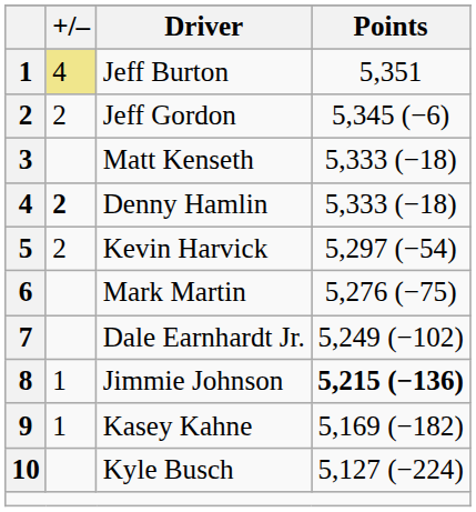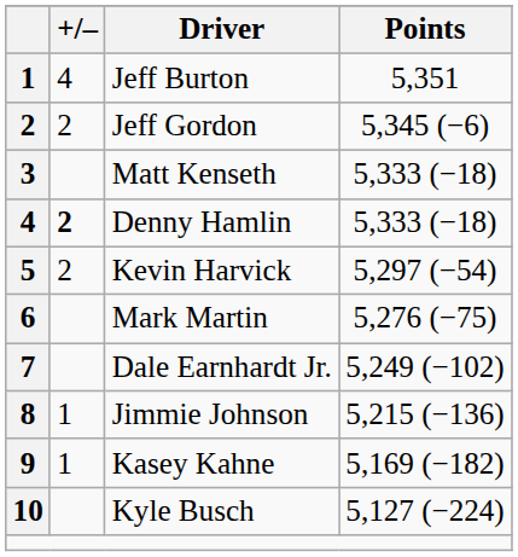 <table class="wikitable">
 <tr>
 </tr>
 <tr>
 <th scope="col"></th>
 <th scope="col">+/–</th>
 <th scope="col">Driver</th>
 <th scope="col">Points</th>
 </tr>
 <tr>
 <th scope="row">1</th>
-<td align="left" style="background: khaki;"> 4</td>
+<td align="left"> 4</td>
 <td>Jeff Burton</td>
 <td style="text-align:center;">5,351</td>
 </tr>
 <tr>
 <th scope="row">2</th>
 <td align="left"> 2</td>
 <td>Jeff Gordon</td>
 <td style="text-align:center;">5,345 (−6)</td>
 </tr>
 <tr>
 <th scope="row">3</th>
 <td align="left"></td>
 <td>Matt Kenseth</td>
 <td style="text-align:center;">5,333 (−18)</td>
 </tr>
 <tr>
 <th scope="row">4</th>
 <td align="left"><strong> 2</strong></td>
 <td>Denny Hamlin</td>
 <td style="text-align:center;">5,333 (−18)</td>
 </tr>
 <tr>
 <th scope="row">5</th>
 <td align="left"> 2</td>
 <td>Kevin Harvick</td>
 <td style="text-align:center;">5,297 (−54)</td>
 </tr>
 <tr>
 <th scope="row">6</th>
 <td align="left"></td>
 <td>Mark Martin</td>
 <td style="text-align:center;">5,276 (−75)</td>
 </tr>
 <tr>
 <th scope="row">7</th>
 <td align="left"></td>
 <td>Dale Earnhardt Jr.</td>
 <td style="text-align:center;">5,249 (−102)</td>
 </tr>
 <tr>
 <th scope="row">8</th>
 <td align="left"> 1</td>
 <td>Jimmie Johnson</td>
-<td style="text-align:center;"><strong>5,215 (−136)</strong></td>
+<td style="text-align:center;">5,215 (−136)</td>
 </tr>
 <tr>
 <th scope="row">9</th>
 <td align="left"> 1</td>
 <td>Kasey Kahne</td>
 <td style="text-align:center;">5,169 (−182)</td>
 </tr>
 <tr>
 <th scope="row">10</th>
 <td align="left"></td>
 <td>Kyle Busch</td>
 <td style="text-align:center;">5,127 (−224)</td>
 </tr>
 <tr class="sortbottom">
 <td colspan="9"></td>
 </tr>
 </table>
